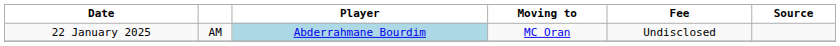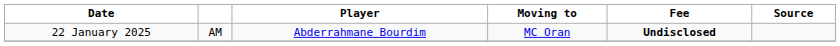 <table class="wikitable sortable" style="width:70%; text-align:center; font-size:90%; text-align:centre;">
 <tr>
 <th style="background:white; color:black; text-align:center;">Date</th>
 <th style="background:white; color:black; text-align:center;"></th>
 <th style="background:white; color:black; text-align:center;">Player</th>
 <th style="background:white; color:black; text-align:center;">Moving to</th>
 <th style="background:white; color:black; text-align:center;">Fee</th>
 <th style="background:white; color:black; text-align:center;">Source</th>
 </tr>
 <tr>
 <td>22 January 2025</td>
 <td>AM</td>
-<td style="background: lightblue;"> <a href='#'>Abderrahmane Bourdim</a></td>
+<td> <a href='#'>Abderrahmane Bourdim</a></td>
 <td><a href='#'>MC Oran</a></td>
-<td>Undisclosed</td>
+<td><strong>Undisclosed</strong></td>
 <td></td>
 </tr>
 <tr>
 </tr>
 </table>
